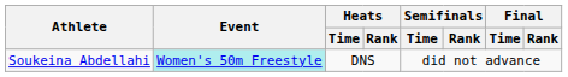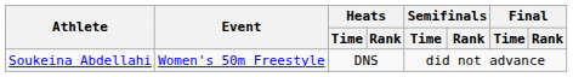 <table class=wikitable style="font-size:90%">
 <tr>
 <th rowspan="2">Athlete</th>
 <th rowspan="2">Event</th>
 <th colspan="2">Heats</th>
 <th colspan="2">Semifinals</th>
 <th colspan="2">Final</th>
 </tr>
 <tr>
 <th>Time</th>
 <th>Rank</th>
 <th>Time</th>
 <th>Rank</th>
 <th>Time</th>
 <th>Rank</th>
 </tr>
 <tr>
 <td rowspan="1"><a href='#'>Soukeina Abdellahi</a></td>
-<td style="background: paleturquoise;"><a href='#'>Women's 50m Freestyle</a></td>
+<td><a href='#'>Women's 50m Freestyle</a></td>
 <td align=center colspan=2>DNS</td>
 <td align=center colspan=4>did not advance</td>
 </tr>
 </table>
